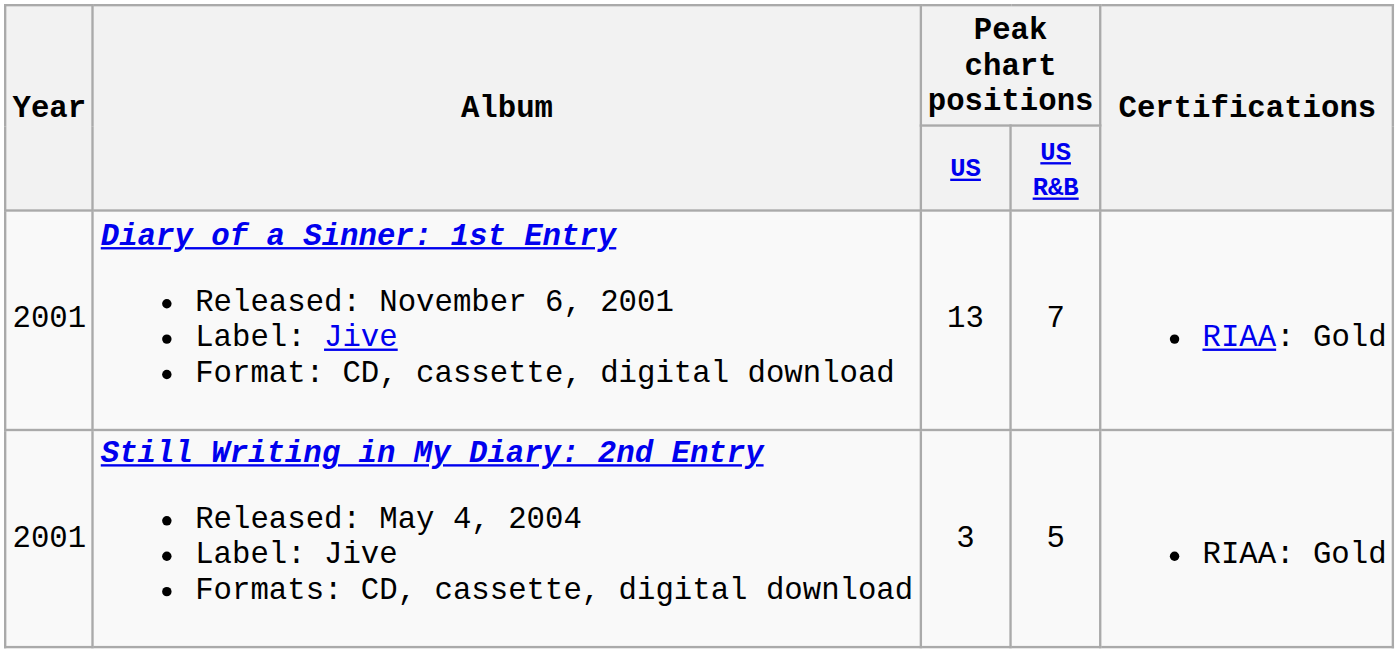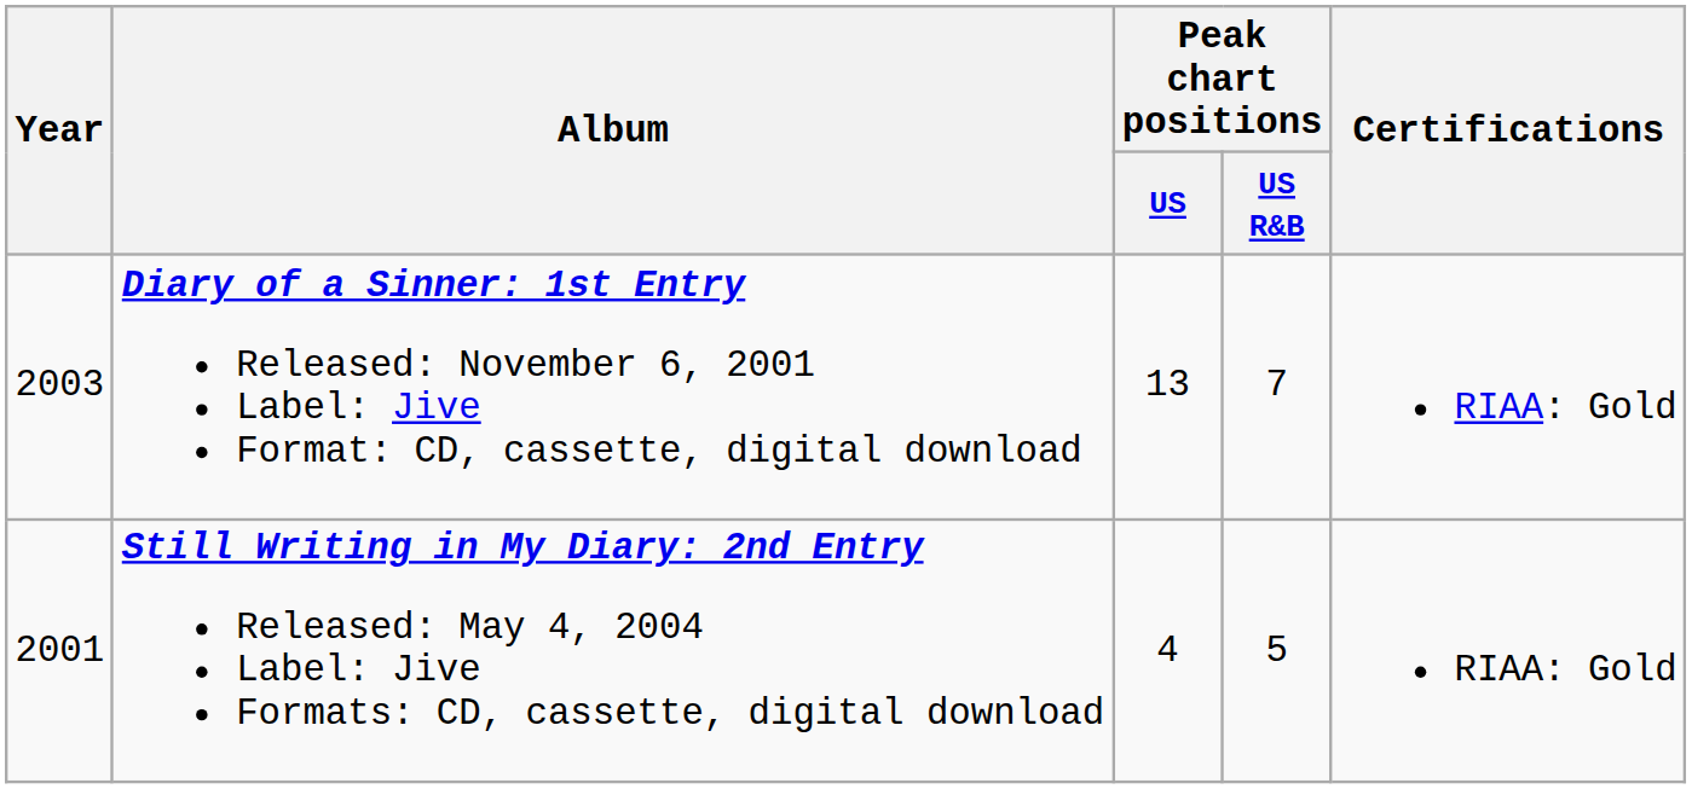 <table class="wikitable">
 <tr>
 <th style="text-align:center;" rowspan="2">Year</th>
 <th style="text-align:center;" rowspan="2">Album</th>
 <th style="text-align:center;" colspan="2">Peak chart positions</th>
 <th style="text-align:center;" rowspan="2">Certifications</th>
 </tr>
 <tr>
 <th style="text-align:center; width:30px;"><small><a href='#'>US</a></small></th>
 <th style="text-align:center; width:30px;"><small><a href='#'>US R&B</a></small></th>
 </tr>
 <tr>
-<td style="text-align:center;">2001</td>
+<td style="text-align:center;">2003</td>
 <td style="text-align:left; vertical-align:top;"><strong><em><a href='#'>Diary of a Sinner: 1st Entry</a></em></strong><br><ul><li>Released: November 6, 2001</li><li>Label: <a href='#'>Jive</a></li><li>Format: CD, cassette, digital download</li></ul></td>
 <td style="text-align:center;">13</td>
 <td style="text-align:center;">7</td>
 <td style="text-align:center;"><br><ul><li><a href='#'>RIAA</a>: Gold</li></ul></td>
 </tr>
 <tr>
 <td style="text-align:center;">2001</td>
 <td style="text-align:left; vertical-align:top;"><strong><em><a href='#'>Still Writing in My Diary: 2nd Entry</a></em></strong><br><ul><li>Released: May 4, 2004</li><li>Label: Jive</li><li>Formats: CD, cassette, digital download</li></ul></td>
-<td style="text-align:center;">3</td>
+<td style="text-align:center;">4</td>
 <td style="text-align:center;">5</td>
 <td style="text-align:center;"><br><ul><li>RIAA: Gold</li></ul></td>
 </tr>
 </table>
